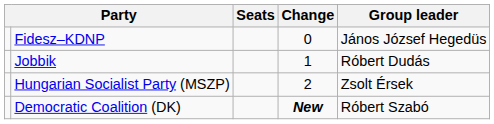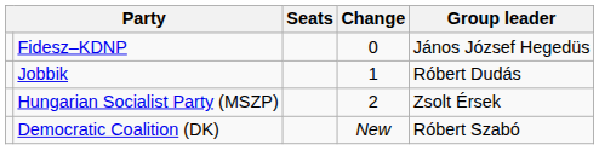 <table class="wikitable">
 <tr>
 <th colspan=2>Party</th>
 <th>Seats</th>
 <th>Change</th>
 <th>Group leader</th>
 </tr>
 <tr>
 <td bgcolor=></td>
 <td><a href='#'>Fidesz–KDNP</a></td>
 <td style="text-align:center"></td>
 <td align="center"> 0</td>
 <td>János József Hegedüs</td>
 </tr>
 <tr>
 <td bgcolor=></td>
 <td><a href='#'>Jobbik</a></td>
 <td style="text-align:center"></td>
 <td align="center"> 1</td>
 <td>Róbert Dudás</td>
 </tr>
 <tr>
 <td bgcolor=></td>
 <td><a href='#'>Hungarian Socialist Party</a> (MSZP)</td>
 <td style="text-align:center"></td>
 <td align="center"> 2</td>
 <td>Zsolt Érsek</td>
 </tr>
 <tr>
 <td bgcolor=></td>
 <td><a href='#'>Democratic Coalition</a> (DK)</td>
 <td style="text-align:center"></td>
-<td align="center"><strong><em>New</em></strong></td>
+<td align="center"><em>New</em></td>
 <td>Róbert Szabó</td>
 </tr>
 </table>
